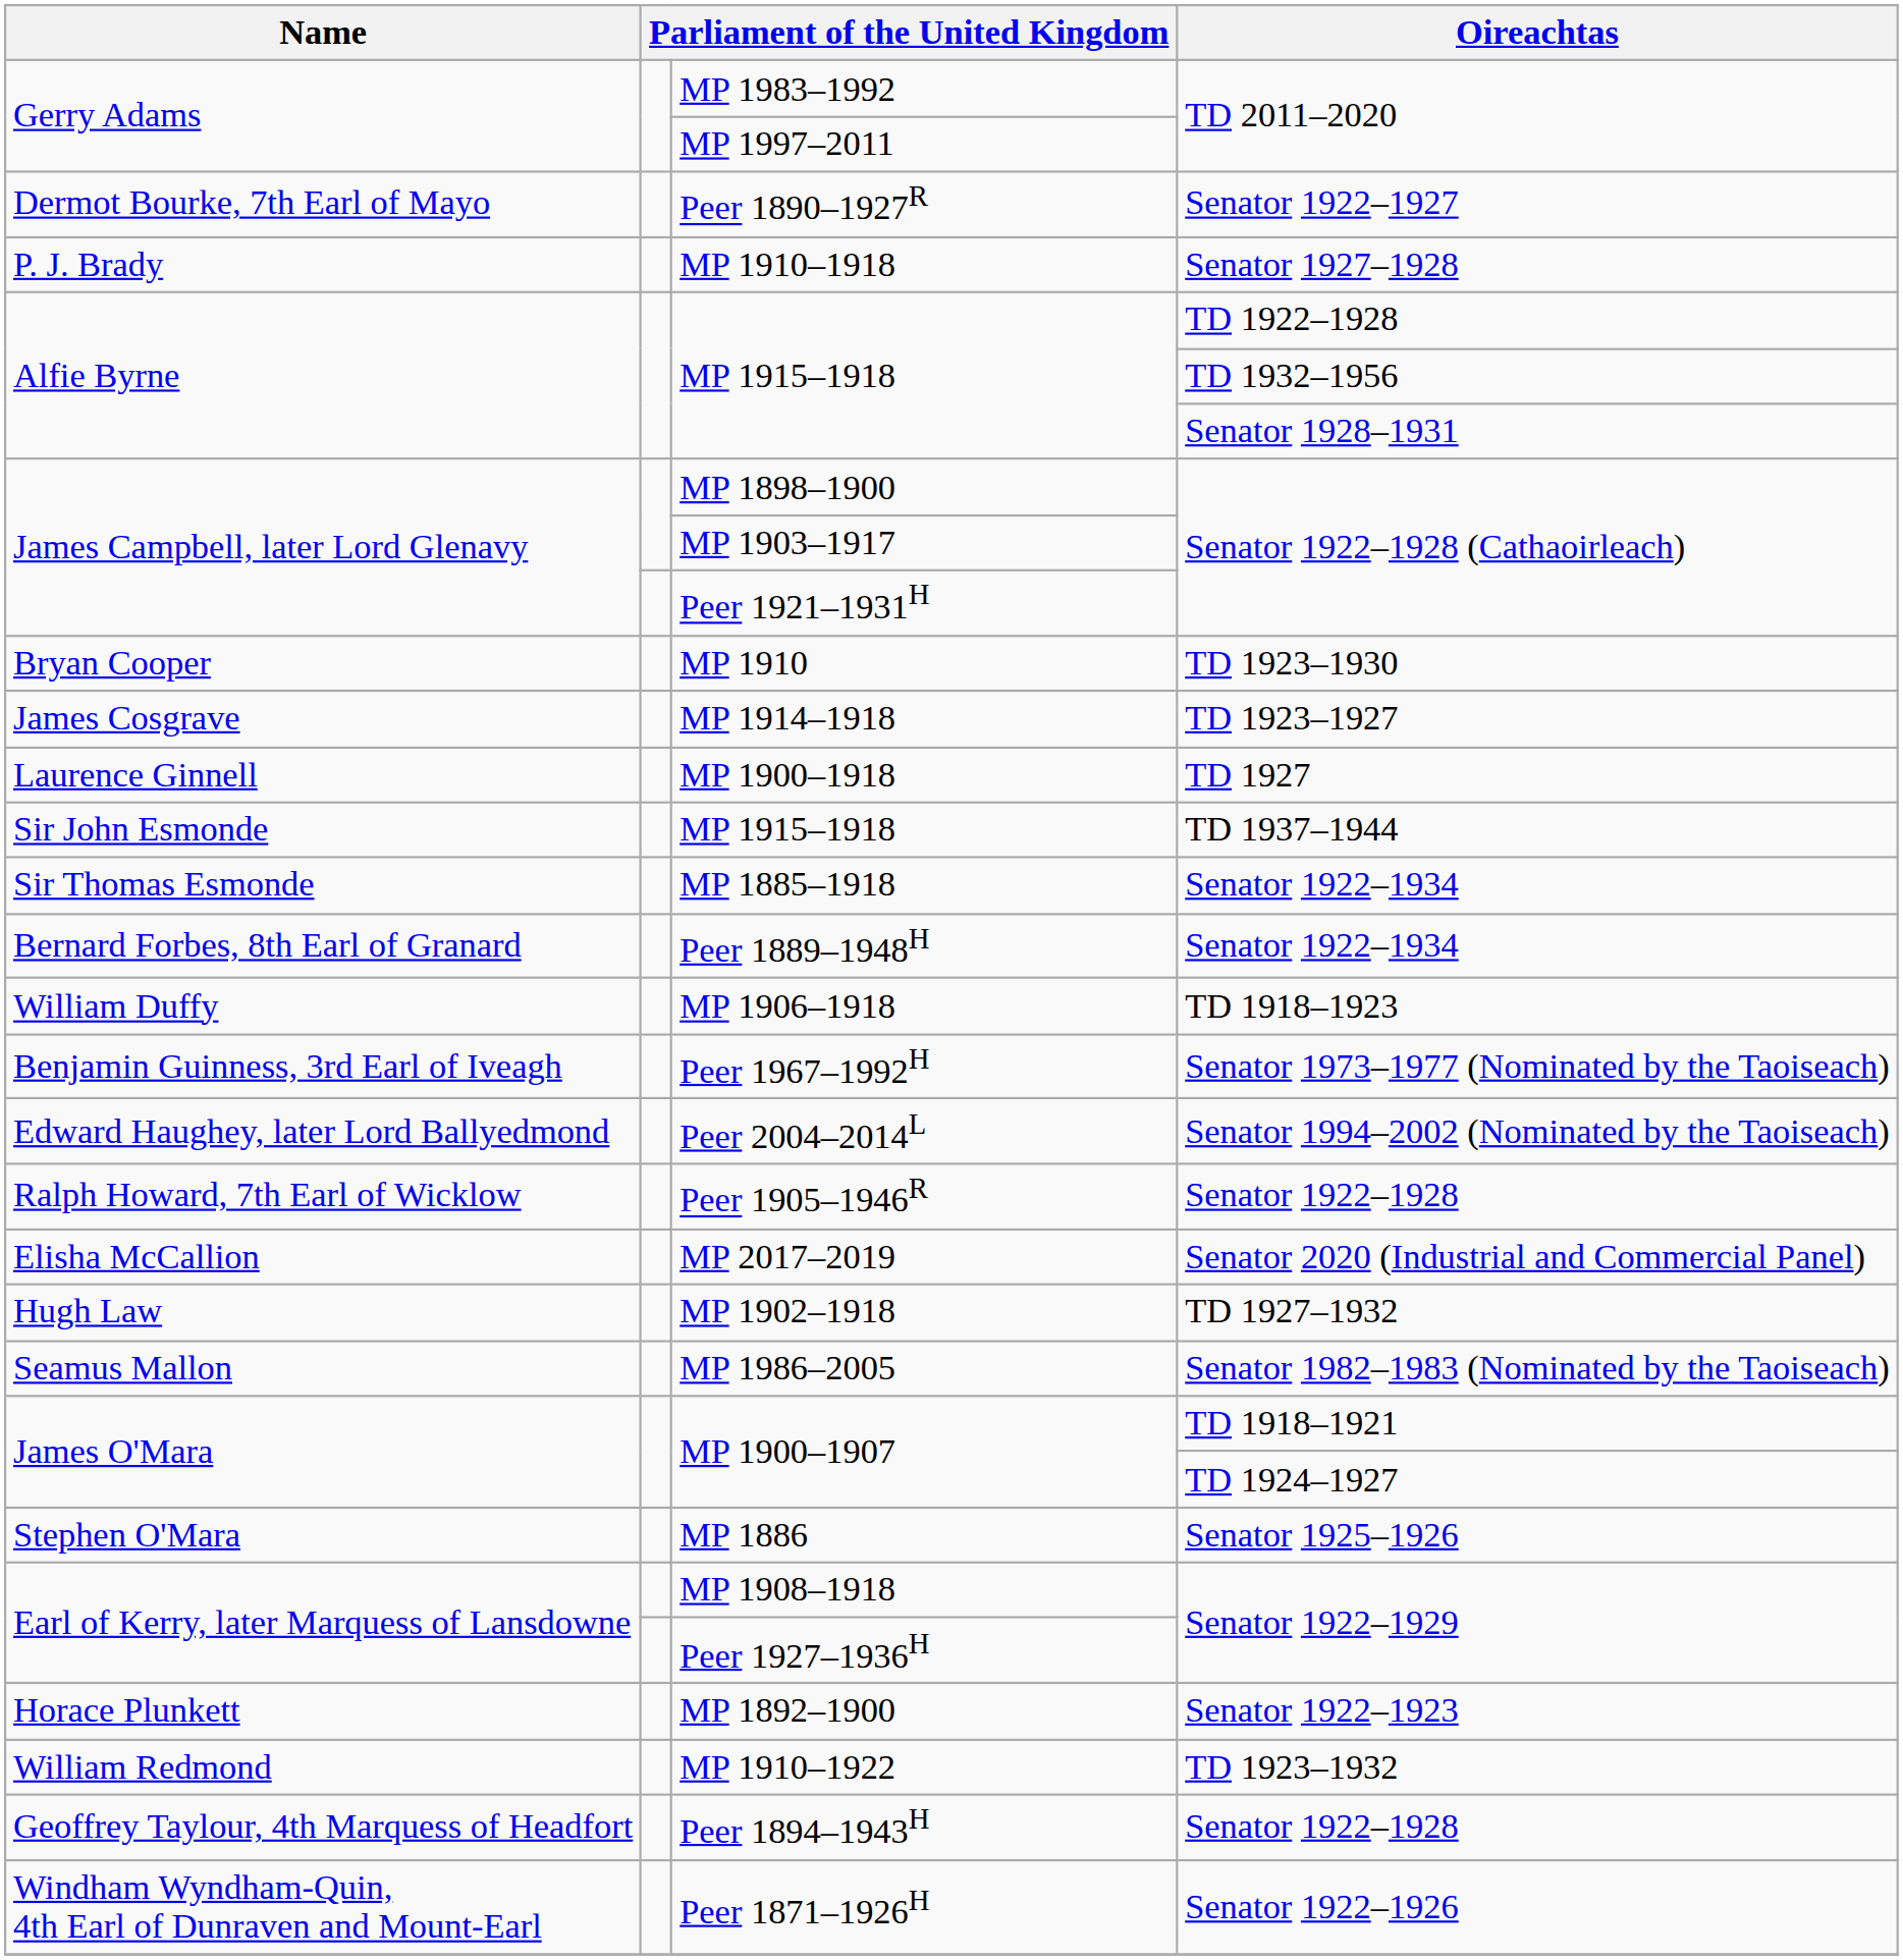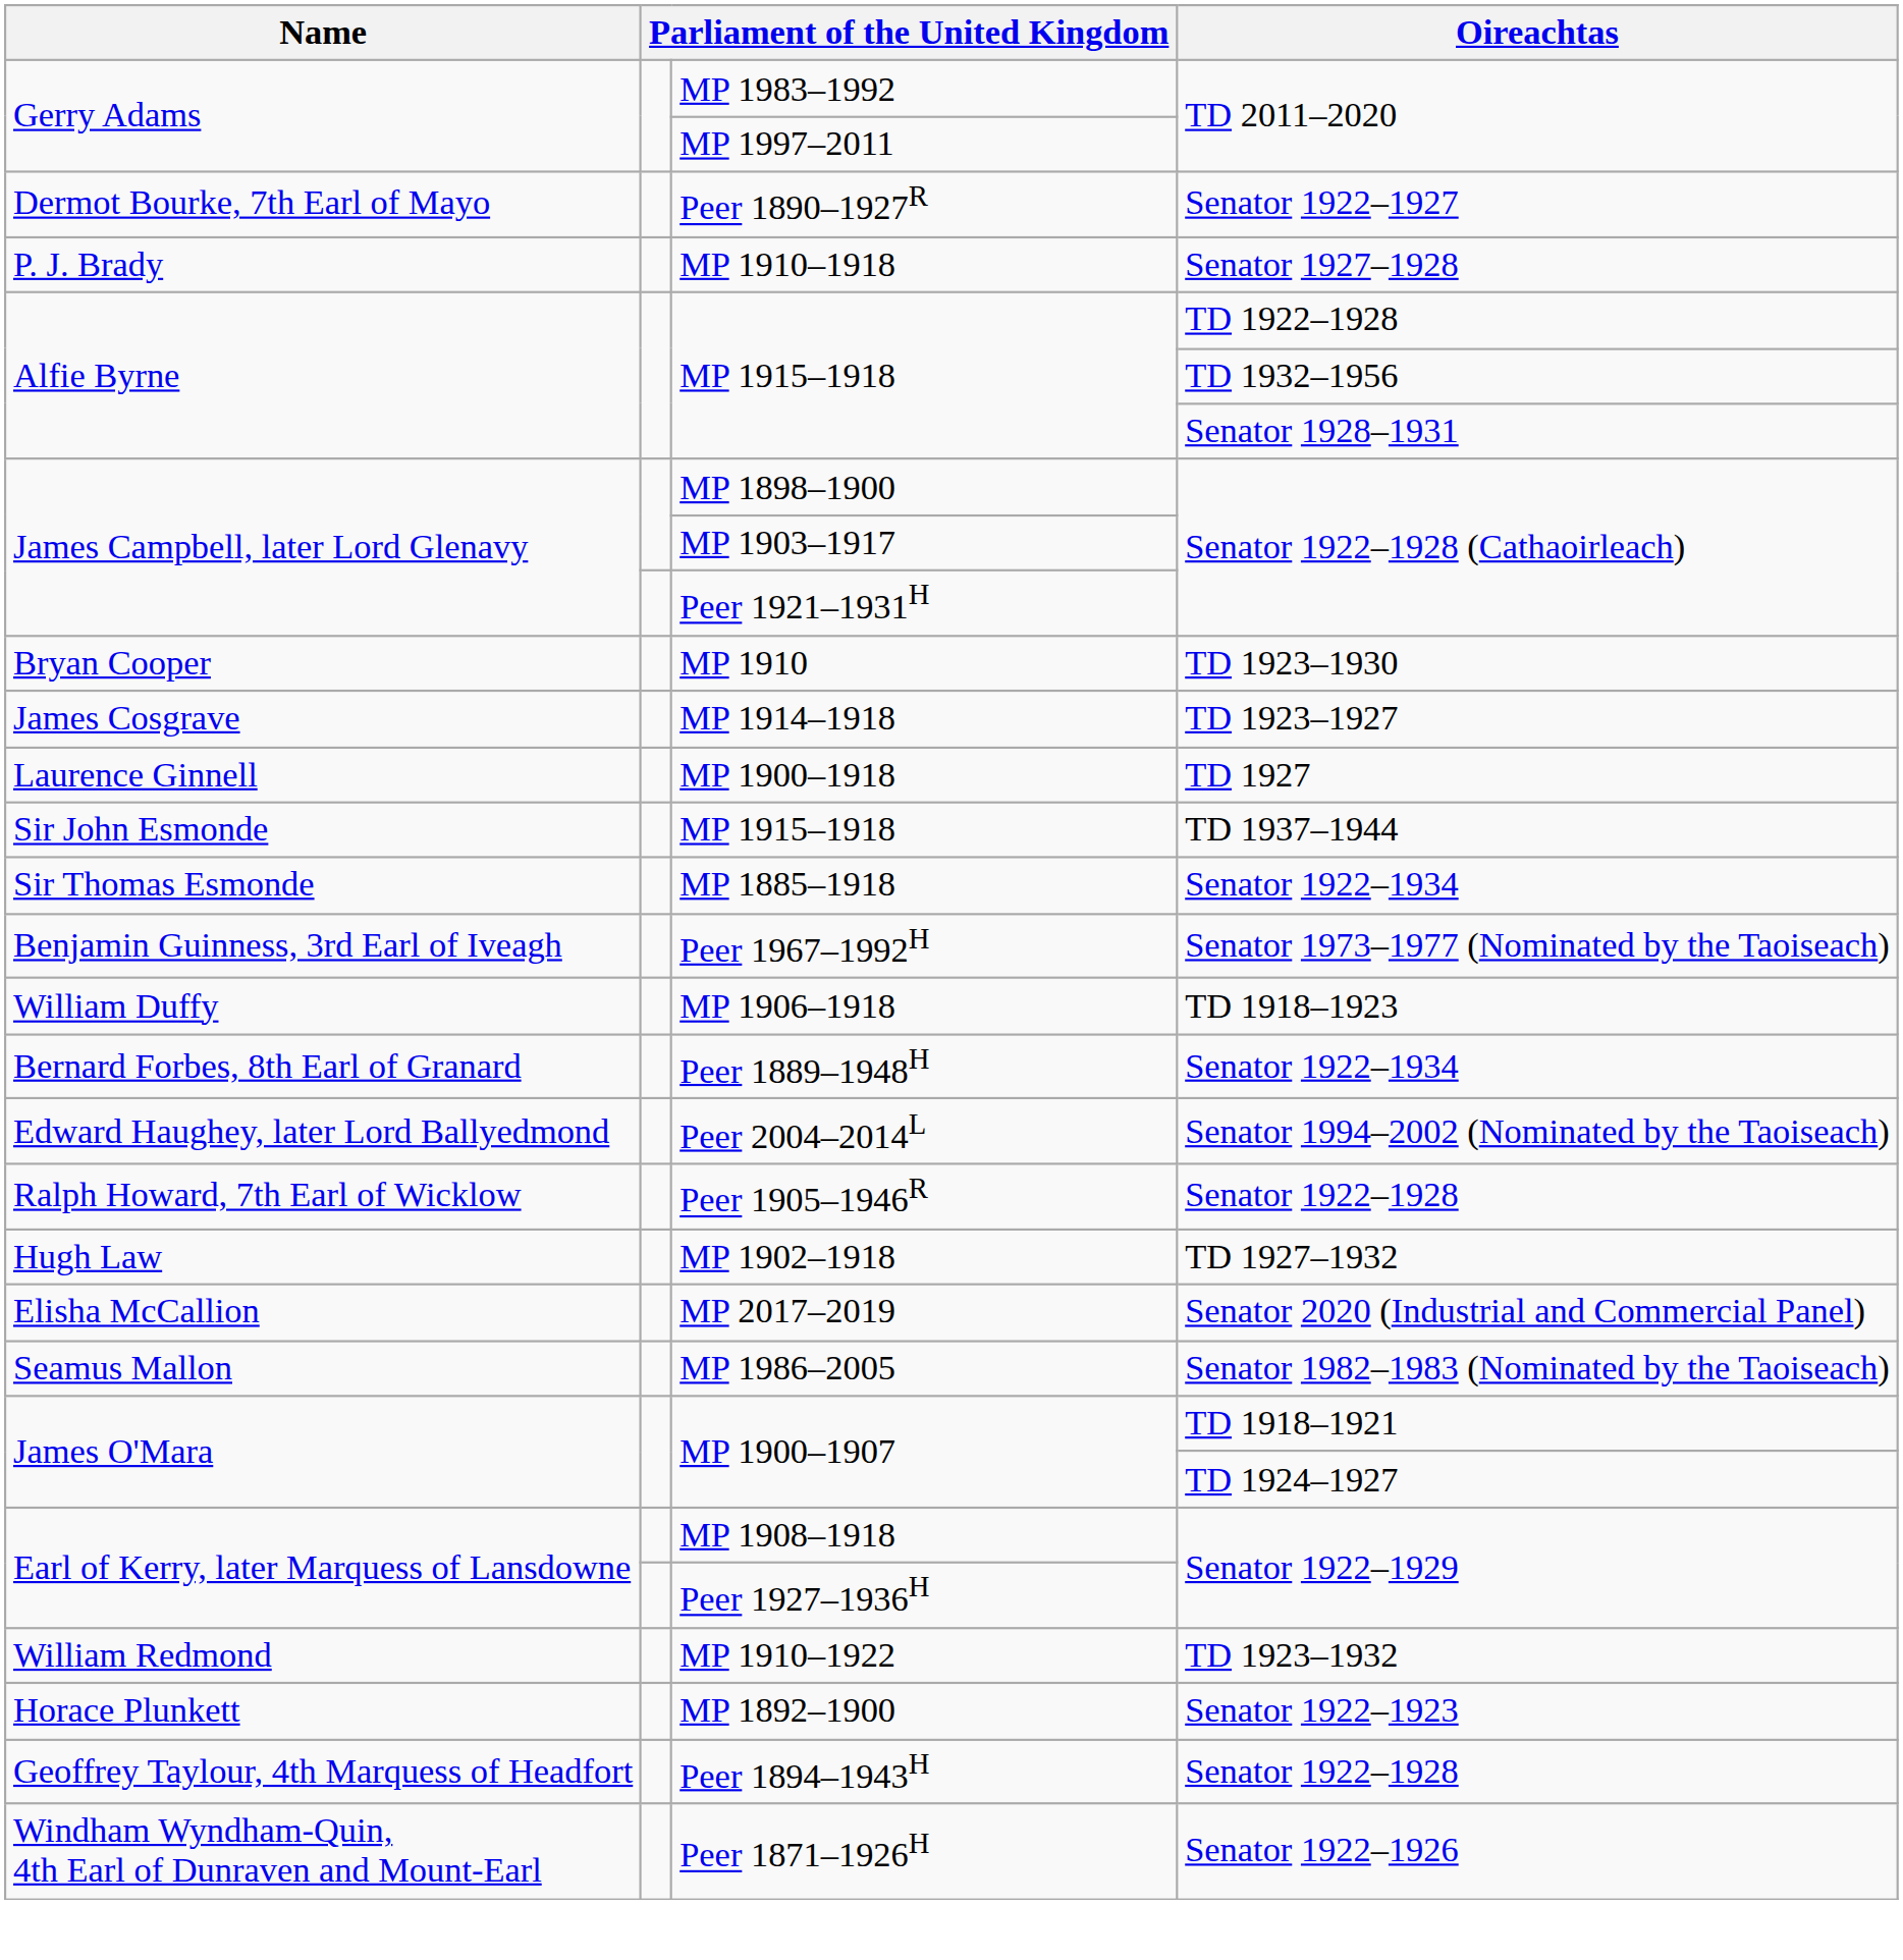 <table class="sortable wikitable">
 <tr>
 <th>Name</th>
 <th colspan=2><a href='#'>Parliament of the United Kingdom</a></th>
 <th><a href='#'>Oireachtas</a></th>
 </tr>
 <tr>
 <td rowspan=2><a href='#'>Gerry Adams</a></td>
 <td rowspan=2 style="background: "></td>
 <td><a href='#'>MP</a> 1983–1992</td>
 <td rowspan=2><a href='#'>TD</a> 2011–2020</td>
 </tr>
 <tr>
 <td><a href='#'>MP</a> 1997–2011</td>
 </tr>
 <tr>
 <td><a href='#'>Dermot Bourke, 7th Earl of Mayo</a></td>
 <td style="background: "></td>
 <td><a href='#'>Peer</a> 1890–1927<sup>R</sup></td>
 <td><a href='#'>Senator</a> <a href='#'>1922</a>–<a href='#'>1927</a></td>
 </tr>
 <tr>
 <td><a href='#'>P. J. Brady</a></td>
 <td style="background: "></td>
 <td><a href='#'>MP</a> 1910–1918</td>
 <td><a href='#'>Senator</a> <a href='#'>1927</a>–<a href='#'>1928</a></td>
 </tr>
 <tr>
 <td rowspan=3><a href='#'>Alfie Byrne</a></td>
 <td rowspan=3 style="background: "></td>
 <td rowspan=3><a href='#'>MP</a> 1915–1918</td>
 <td><a href='#'>TD</a> 1922–1928</td>
 </tr>
 <tr>
 <td><a href='#'>TD</a> 1932–1956</td>
 </tr>
 <tr>
 <td><a href='#'>Senator</a> <a href='#'>1928</a>–<a href='#'>1931</a></td>
 </tr>
 <tr>
 <td rowspan=3><a href='#'>James Campbell, later Lord Glenavy</a></td>
 <td rowspan=2 style="background: "></td>
 <td><a href='#'>MP</a> 1898–1900</td>
 <td rowspan=3><a href='#'>Senator</a> <a href='#'>1922</a>–<a href='#'>1928</a> (<a href='#'>Cathaoirleach</a>)</td>
 </tr>
 <tr>
 <td><a href='#'>MP</a> 1903–1917</td>
 </tr>
 <tr>
 <td style="background: "></td>
 <td><a href='#'>Peer</a> 1921–1931<sup>H</sup></td>
 </tr>
 <tr>
 <td><a href='#'>Bryan Cooper</a></td>
 <td style="background: "></td>
 <td><a href='#'>MP</a> 1910</td>
 <td><a href='#'>TD</a> 1923–1930</td>
 </tr>
 <tr>
 <td><a href='#'>James Cosgrave</a></td>
 <td style="background: "></td>
 <td><a href='#'>MP</a> 1914–1918</td>
 <td><a href='#'>TD</a> 1923–1927</td>
 </tr>
 <tr>
 <td><a href='#'>Laurence Ginnell</a></td>
 <td style="background: "></td>
 <td><a href='#'>MP</a> 1900–1918</td>
 <td><a href='#'>TD</a> 1927</td>
 </tr>
 <tr>
 <td><a href='#'>Sir John Esmonde</a></td>
 <td style="background: "></td>
 <td><a href='#'>MP</a> 1915–1918</td>
 <td>TD 1937–1944</td>
 </tr>
 <tr>
 <td><a href='#'>Sir Thomas Esmonde</a></td>
 <td style="background: "></td>
 <td><a href='#'>MP</a> 1885–1918</td>
 <td><a href='#'>Senator</a> <a href='#'>1922</a>–<a href='#'>1934</a></td>
 </tr>
 <tr>
-<td><a href='#'>Bernard Forbes, 8th Earl of Granard</a></td>
+<td><a href='#'>Benjamin Guinness, 3rd Earl of Iveagh</a></td>
 <td style="background: "></td>
-<td><a href='#'>Peer</a> 1889–1948<sup>H</sup></td>
-<td><a href='#'>Senator</a> <a href='#'>1922</a>–<a href='#'>1934</a></td>
+<td><a href='#'>Peer</a> 1967–1992<sup>H</sup></td>
+<td><a href='#'>Senator</a> <a href='#'>1973</a>–<a href='#'>1977</a> (<a href='#'>Nominated by the Taoiseach</a>)</td>
 </tr>
 <tr>
 <td><a href='#'>William Duffy</a></td>
 <td style="background: "></td>
 <td><a href='#'>MP</a> 1906–1918</td>
 <td>TD 1918–1923</td>
 </tr>
 <tr>
-<td><a href='#'>Benjamin Guinness, 3rd Earl of Iveagh</a></td>
+<td><a href='#'>Bernard Forbes, 8th Earl of Granard</a></td>
 <td style="background: "></td>
-<td><a href='#'>Peer</a> 1967–1992<sup>H</sup></td>
-<td><a href='#'>Senator</a> <a href='#'>1973</a>–<a href='#'>1977</a> (<a href='#'>Nominated by the Taoiseach</a>)</td>
+<td><a href='#'>Peer</a> 1889–1948<sup>H</sup></td>
+<td><a href='#'>Senator</a> <a href='#'>1922</a>–<a href='#'>1934</a></td>
 </tr>
 <tr>
 <td><a href='#'>Edward Haughey, later Lord Ballyedmond</a></td>
 <td style="background: "></td>
 <td><a href='#'>Peer</a> 2004–2014<sup>L</sup></td>
 <td><a href='#'>Senator</a> <a href='#'>1994</a>–<a href='#'>2002</a> (<a href='#'>Nominated by the Taoiseach</a>)</td>
 </tr>
 <tr>
 <td><a href='#'>Ralph Howard, 7th Earl of Wicklow</a></td>
 <td style="background: "></td>
 <td><a href='#'>Peer</a> 1905–1946<sup>R</sup></td>
 <td><a href='#'>Senator</a> <a href='#'>1922</a>–<a href='#'>1928</a></td>
 </tr>
 <tr>
+<td><a href='#'>Hugh Law</a></td>
+<td style="background: "></td>
+<td><a href='#'>MP</a> 1902–1918</td>
+<td>TD 1927–1932</td>
+</tr>
+<tr>
 <td><a href='#'>Elisha McCallion</a></td>
 <td style="background: "></td>
 <td><a href='#'>MP</a> 2017–2019</td>
 <td><a href='#'>Senator</a> <a href='#'>2020</a> (<a href='#'>Industrial and Commercial Panel</a>)</td>
-</tr>
-<tr>
-<td><a href='#'>Hugh Law</a></td>
-<td style="background: "></td>
-<td><a href='#'>MP</a> 1902–1918</td>
-<td>TD 1927–1932</td>
 </tr>
 <tr>
 <td><a href='#'>Seamus Mallon</a></td>
 <td style="background: "></td>
 <td><a href='#'>MP</a> 1986–2005</td>
 <td><a href='#'>Senator</a> <a href='#'>1982</a>–<a href='#'>1983</a> (<a href='#'>Nominated by the Taoiseach</a>)</td>
 </tr>
 <tr>
 <td rowspan=2><a href='#'>James O'Mara</a></td>
 <td rowspan=2 style="background: "></td>
 <td rowspan=2><a href='#'>MP</a> 1900–1907</td>
 <td><a href='#'>TD</a> 1918–1921</td>
 </tr>
 <tr>
 <td><a href='#'>TD</a> 1924–1927</td>
 </tr>
 <tr>
-<td><a href='#'>Stephen O'Mara</a></td>
-<td style="background: "></td>
-<td><a href='#'>MP</a> 1886</td>
-<td><a href='#'>Senator</a> <a href='#'>1925</a>–<a href='#'>1926</a></td>
-</tr>
-<tr>
 <td rowspan=2><a href='#'>Earl of Kerry, later Marquess of Lansdowne</a></td>
 <td style="background: "></td>
 <td><a href='#'>MP</a> 1908–1918</td>
 <td rowspan=2><a href='#'>Senator</a> <a href='#'>1922</a>–<a href='#'>1929</a></td>
 </tr>
 <tr>
 <td style="background: "></td>
 <td><a href='#'>Peer</a> 1927–1936<sup>H</sup></td>
 </tr>
 <tr>
+<td><a href='#'>William Redmond</a></td>
+<td style="background: "></td>
+<td><a href='#'>MP</a> 1910–1922</td>
+<td><a href='#'>TD</a> 1923–1932</td>
+</tr>
+<tr>
 <td><a href='#'>Horace Plunkett</a></td>
 <td style="background: "></td>
 <td><a href='#'>MP</a> 1892–1900</td>
 <td><a href='#'>Senator</a> <a href='#'>1922</a>–<a href='#'>1923</a></td>
-</tr>
-<tr>
-<td><a href='#'>William Redmond</a></td>
-<td style="background: "></td>
-<td><a href='#'>MP</a> 1910–1922</td>
-<td><a href='#'>TD</a> 1923–1932</td>
 </tr>
 <tr>
 <td><a href='#'>Geoffrey Taylour, 4th Marquess of Headfort</a></td>
 <td style="background: "></td>
 <td><a href='#'>Peer</a> 1894–1943<sup>H</sup></td>
 <td><a href='#'>Senator</a> <a href='#'>1922</a>–<a href='#'>1928</a></td>
 </tr>
 <tr>
 <td><a href='#'>Windham Wyndham-Quin,<br>4th Earl of Dunraven and Mount-Earl</a></td>
 <td style="background: "></td>
 <td><a href='#'>Peer</a> 1871–1926<sup>H</sup></td>
 <td><a href='#'>Senator</a> <a href='#'>1922</a>–<a href='#'>1926</a></td>
 </tr>
 <tr>
 </tr>
 </table>
